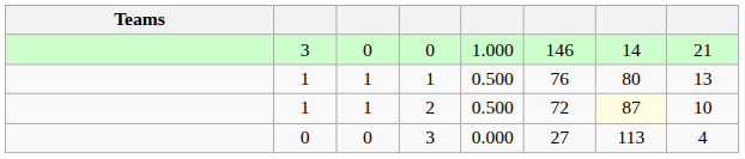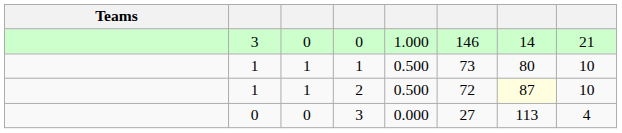 <table class="wikitable" width="50%" style="text-align:center;">
 <tr>
 <th width="30%">Teams</th>
 <th width="7%"></th>
 <th width="7%"></th>
 <th width="7%"></th>
 <th width="7%"></th>
 <th width="8%"></th>
 <th width="8%"></th>
 <th width="8%"></th>
 </tr>
 <tr bgcolor="ccffcc">
 <td align=left></td>
 <td>3</td>
 <td>0</td>
 <td>0</td>
 <td>1.000</td>
 <td>146</td>
 <td>14</td>
 <td>21</td>
 </tr>
 <tr>
 <td align=left></td>
 <td>1</td>
 <td>1</td>
 <td>1</td>
 <td>0.500</td>
-<td>76</td>
+<td>73</td>
 <td>80</td>
-<td>13</td>
+<td>10</td>
 </tr>
 <tr>
 <td align=left></td>
 <td>1</td>
 <td>1</td>
 <td>2</td>
 <td>0.500</td>
 <td>72</td>
 <td style="background: lightyellow;">87</td>
 <td>10</td>
 </tr>
 <tr>
 <td align=left></td>
 <td>0</td>
 <td>0</td>
 <td>3</td>
 <td>0.000</td>
 <td>27</td>
 <td>113</td>
 <td>4</td>
 </tr>
 </table>
